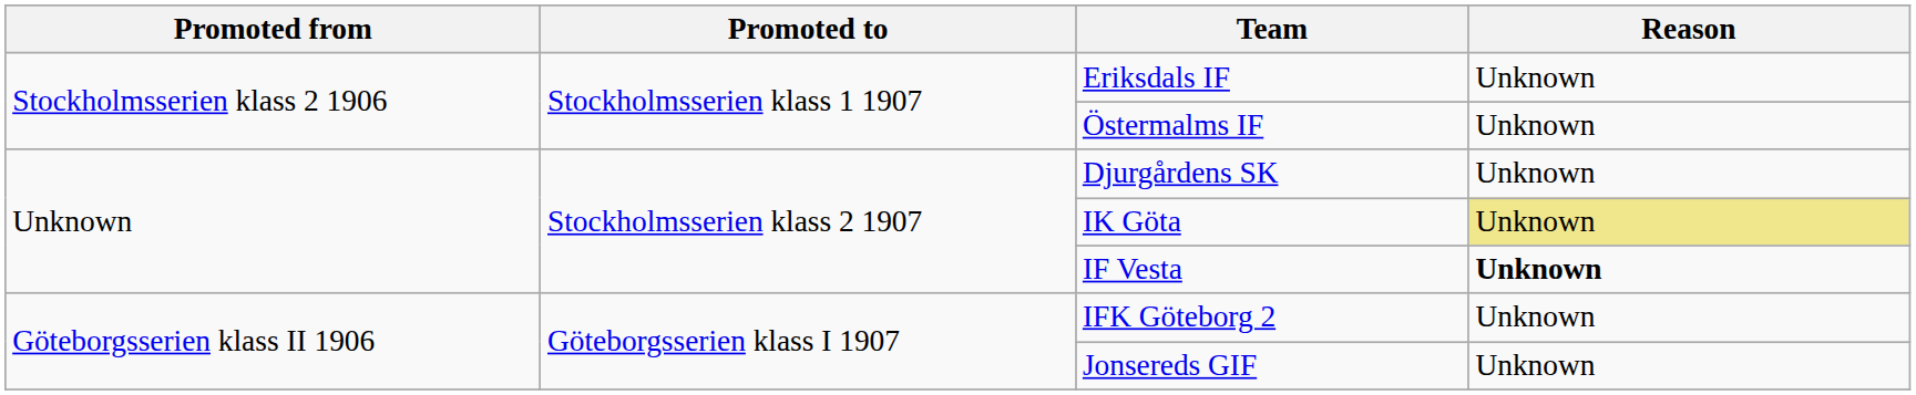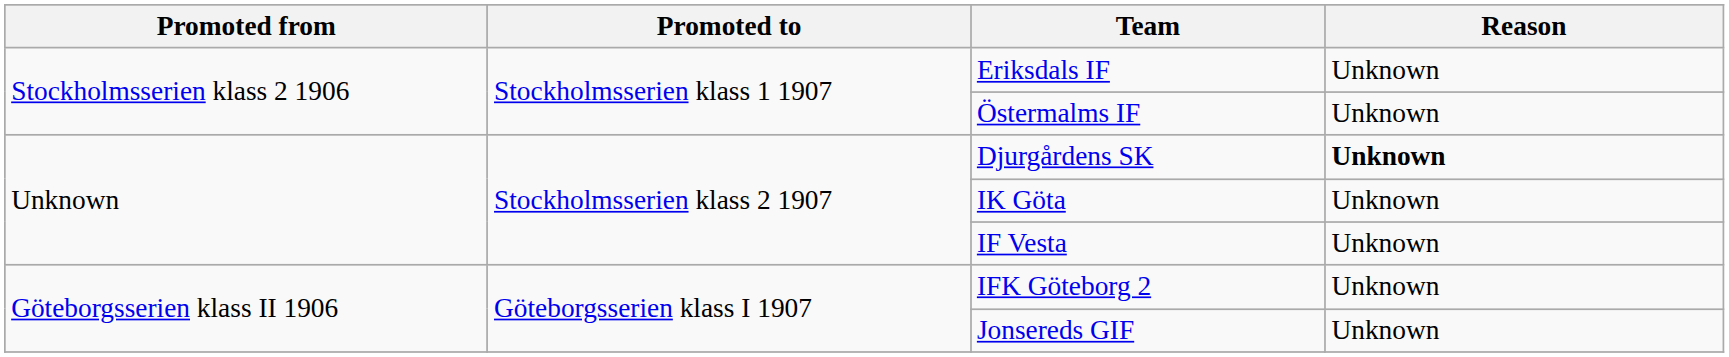 <table class="wikitable" style="text-align: left;">
 <tr>
 <th style="width: 275px;">Promoted from</th>
 <th style="width: 275px;">Promoted to</th>
 <th style="width: 200px;">Team</th>
 <th style="width: 225px;">Reason</th>
 </tr>
 <tr>
 <td rowspan=2><a href='#'>Stockholmsserien</a> klass 2 1906</td>
 <td rowspan=2><a href='#'>Stockholmsserien</a> klass 1 1907</td>
 <td><a href='#'>Eriksdals IF</a></td>
 <td>Unknown</td>
 </tr>
 <tr>
 <td><a href='#'>Östermalms IF</a></td>
 <td>Unknown</td>
 </tr>
 <tr>
 <td rowspan=3>Unknown</td>
 <td rowspan=3><a href='#'>Stockholmsserien</a> klass 2 1907</td>
 <td><a href='#'>Djurgårdens SK</a></td>
+<td><strong>Unknown</strong></td>
+</tr>
+<tr>
+<td><a href='#'>IK Göta</a></td>
 <td>Unknown</td>
 </tr>
 <tr>
-<td><a href='#'>IK Göta</a></td>
-<td style="background: khaki;">Unknown</td>
-</tr>
-<tr>
 <td><a href='#'>IF Vesta</a></td>
-<td><strong>Unknown</strong></td>
+<td>Unknown</td>
 </tr>
 <tr>
 <td rowspan=2><a href='#'>Göteborgsserien</a> klass II 1906</td>
 <td rowspan=2><a href='#'>Göteborgsserien</a> klass I 1907</td>
 <td><a href='#'>IFK Göteborg 2</a></td>
 <td>Unknown</td>
 </tr>
 <tr>
 <td><a href='#'>Jonsereds GIF</a></td>
 <td>Unknown</td>
 </tr>
 </table>
